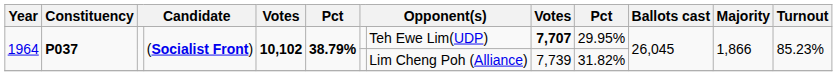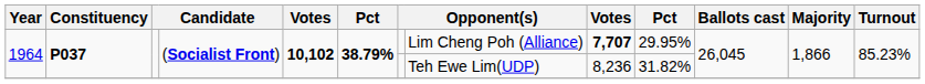 <table class="wikitable" style="margin:0.5em ; font-size:95%">
 <tr>
 <th>Year</th>
 <th>Constituency</th>
 <th colspan=2>Candidate</th>
 <th>Votes</th>
 <th>Pct</th>
 <th colspan=2>Opponent(s)</th>
 <th>Votes</th>
 <th>Pct</th>
 <th>Ballots cast</th>
 <th>Majority</th>
 <th>Turnout</th>
 </tr>
 <tr>
 <td rowspan="2"><a href='#'>1964</a></td>
 <td rowspan="2"><strong>P037 </strong></td>
 <td rowspan="2" ></td>
 <td rowspan="2"> (<a href='#'><strong>Socialist Front</strong></a>)</td>
 <td rowspan="2" align="right"><strong>10,102</strong></td>
 <td rowspan=2><strong>38.79%</strong></td>
 <td></td>
-<td>Teh Ewe Lim(<a href='#'>UDP</a>)</td>
+<td>Lim Cheng Poh (<a href='#'>Alliance</a>)</td>
 <td align="right"><strong>7,707</strong></td>
 <td>29.95%</td>
 <td rowspan="2">26,045</td>
 <td rowspan="2">1,866</td>
 <td rowspan="2">85.23%</td>
 </tr>
 <tr>
 <td></td>
-<td>Lim Cheng Poh (<a href='#'>Alliance</a>)</td>
-<td align="right">7,739</td>
+<td>Teh Ewe Lim(<a href='#'>UDP</a>)</td>
+<td align="right">8,236</td>
 <td align="right">31.82%</td>
 </tr>
 <tr>
 </tr>
 </table>
